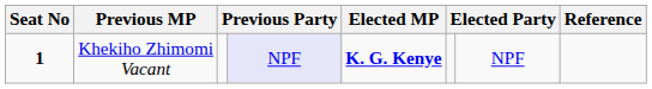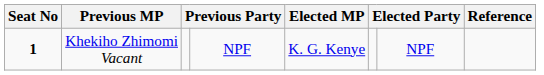 <table class="wikitable">
 <tr>
 <th>Seat No</th>
 <th>Previous MP</th>
 <th colspan=2>Previous Party</th>
 <th>Elected MP</th>
 <th colspan=2>Elected Party</th>
 <th>Reference</th>
 </tr>
 <tr style="text-align:center;">
 <td><strong>1</strong></td>
 <td><a href='#'>Khekiho Zhimomi</a> <br> <em>Vacant</em></td>
 <td width="1px"></td>
-<td style="background: lavender;"><a href='#'>NPF</a></td>
-<td><strong><a href='#'>K. G. Kenye</a></strong></td>
+<td><a href='#'>NPF</a></td>
+<td><a href='#'>K. G. Kenye</a></td>
 <td width="1px"></td>
 <td><a href='#'>NPF</a></td>
 <td rowspan=1></td>
 </tr>
 </table>
